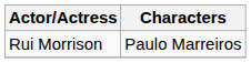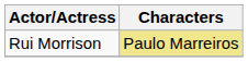 <table class="wikitable">
 <tr>
 <th>Actor/Actress</th>
 <th>Characters</th>
 </tr>
 <tr>
 <td>Rui Morrison</td>
-<td>Paulo Marreiros</td>
+<td style="background: khaki;">Paulo Marreiros</td>
 </tr>
 <tr>
 </tr>
 </table>
